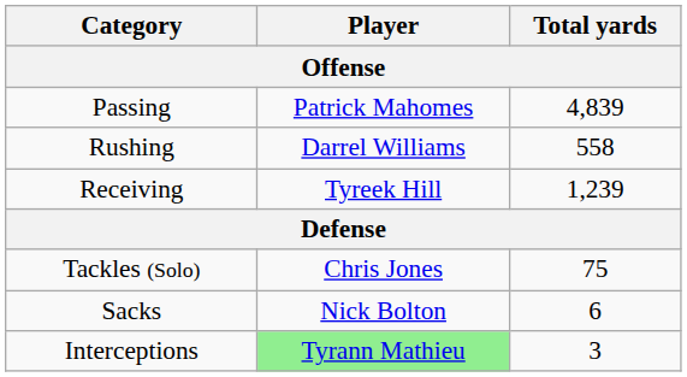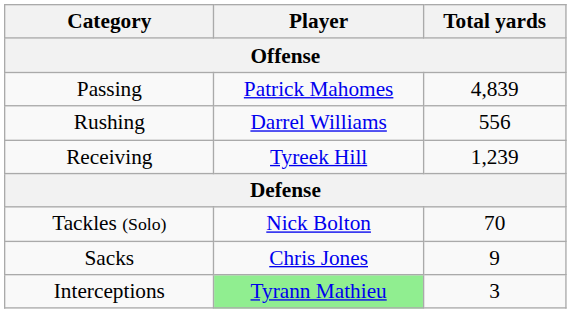 <table class="wikitable" style="text-align:center">
 <tr>
 <th width="150">Category</th>
 <th width="150">Player</th>
 <th width="100">Total yards</th>
 </tr>
 <tr>
 <th align="center" colspan="4">Offense</th>
 </tr>
 <tr>
 <td>Passing</td>
 <td><a href='#'>Patrick Mahomes</a></td>
 <td>4,839</td>
 </tr>
 <tr>
 <td>Rushing</td>
 <td><a href='#'>Darrel Williams</a></td>
-<td>558</td>
+<td>556</td>
 </tr>
 <tr>
 <td>Receiving</td>
 <td><a href='#'>Tyreek Hill</a></td>
 <td>1,239</td>
 </tr>
 <tr>
 <th align="center" colspan="4">Defense</th>
 </tr>
 <tr>
 <td>Tackles <small>(Solo)</small></td>
-<td><a href='#'>Chris Jones</a></td>
-<td>75</td>
+<td><a href='#'>Nick Bolton</a></td>
+<td>70</td>
 </tr>
 <tr>
 <td>Sacks</td>
-<td><a href='#'>Nick Bolton</a></td>
-<td>6</td>
+<td><a href='#'>Chris Jones</a></td>
+<td>9</td>
 </tr>
 <tr>
 <td>Interceptions</td>
 <td style="background: lightgreen;"><a href='#'>Tyrann Mathieu</a></td>
 <td>3</td>
 </tr>
 </table>
